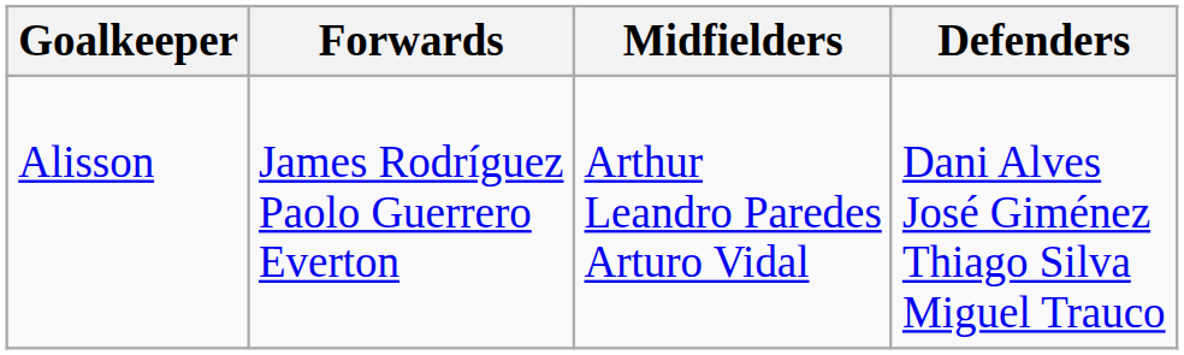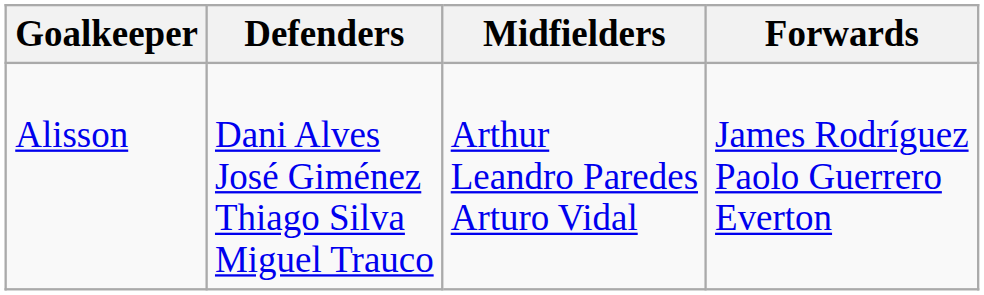 <table class="wikitable" style="mArgin: 0 auto;">
 <tr>
 <th>Goalkeeper</th>
+<th>Defenders</th>
+<th>Midfielders</th>
 <th>Forwards</th>
-<th>Midfielders</th>
-<th>Defenders</th>
 </tr>
 <tr>
 <td valign=top><br> <a href='#'>Alisson</a></td>
+<td valign=top><br> <a href='#'>Dani Alves</a><br>  <a href='#'>José Giménez</a><br>  <a href='#'>Thiago Silva</a><br>  <a href='#'>Miguel Trauco</a></td>
+<td valign=top><br> <a href='#'>Arthur</a><br>  <a href='#'>Leandro Paredes</a><br>  <a href='#'>Arturo Vidal</a></td>
 <td valign=top><br> <a href='#'>James Rodríguez</a><br>  <a href='#'>Paolo Guerrero</a><br>  <a href='#'>Everton</a></td>
-<td valign=top><br> <a href='#'>Arthur</a><br>  <a href='#'>Leandro Paredes</a><br>  <a href='#'>Arturo Vidal</a></td>
-<td valign=top><br> <a href='#'>Dani Alves</a><br>  <a href='#'>José Giménez</a><br>  <a href='#'>Thiago Silva</a><br>  <a href='#'>Miguel Trauco</a></td>
 </tr>
 </table>
